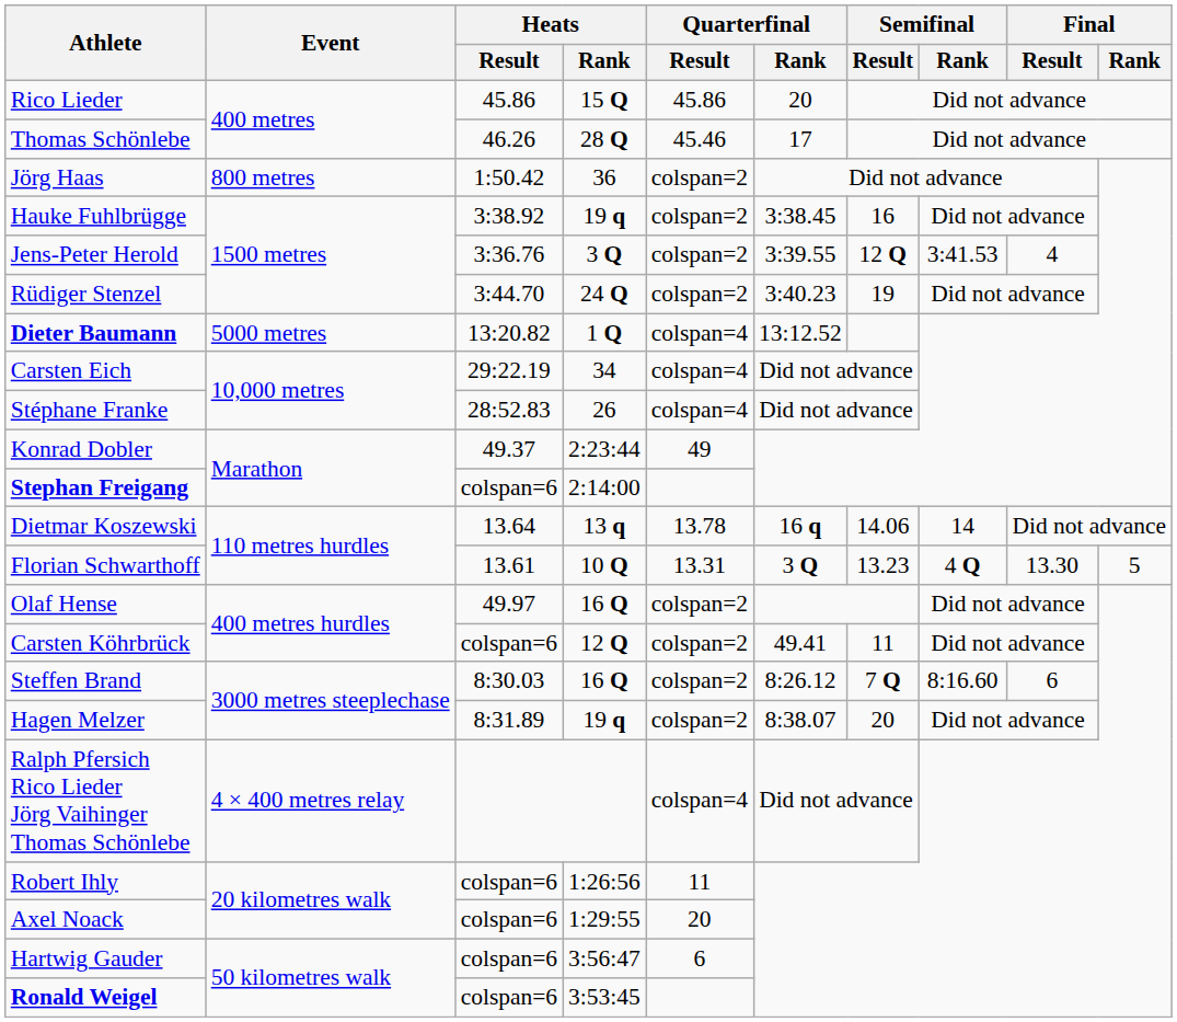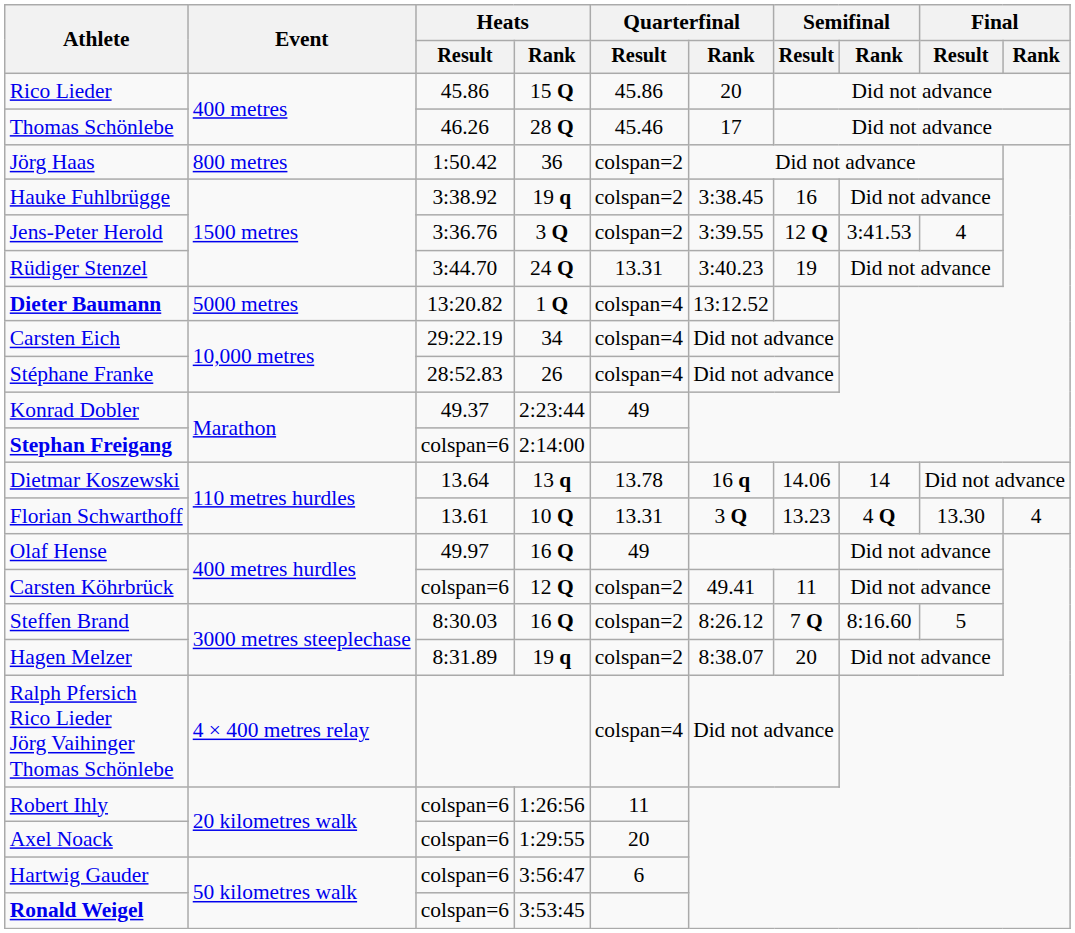 <table class="wikitable" style="font-size:90%">
 <tr>
 <th rowspan="2">Athlete</th>
 <th rowspan="2">Event</th>
 <th colspan="2">Heats</th>
 <th colspan="2">Quarterfinal</th>
 <th colspan="2">Semifinal</th>
 <th colspan="2">Final</th>
 </tr>
 <tr style="font-size:95%">
 <th>Result</th>
 <th>Rank</th>
 <th>Result</th>
 <th>Rank</th>
 <th>Result</th>
 <th>Rank</th>
 <th>Result</th>
 <th>Rank</th>
 </tr>
 <tr align=center>
 <td align=left><a href='#'>Rico Lieder</a></td>
 <td align=left rowspan=2><a href='#'>400 metres</a></td>
 <td>45.86</td>
 <td>15 <strong>Q</strong></td>
 <td>45.86</td>
 <td>20</td>
 <td colspan=4>Did not advance</td>
 </tr>
 <tr align=center>
 <td align=left><a href='#'>Thomas Schönlebe</a></td>
 <td>46.26</td>
 <td>28 <strong>Q</strong></td>
 <td>45.46</td>
 <td>17</td>
 <td colspan=4>Did not advance</td>
 </tr>
 <tr align=center>
 <td align=left><a href='#'>Jörg Haas</a></td>
 <td align=left><a href='#'>800 metres</a></td>
 <td>1:50.42</td>
 <td>36</td>
 <td>colspan=2</td>
 <td colspan=4>Did not advance</td>
 </tr>
 <tr align=center>
 <td align=left><a href='#'>Hauke Fuhlbrügge</a></td>
 <td align=left rowspan=3><a href='#'>1500 metres</a></td>
 <td>3:38.92</td>
 <td>19 <strong>q</strong></td>
 <td>colspan=2</td>
 <td>3:38.45</td>
 <td>16</td>
 <td colspan=2>Did not advance</td>
 </tr>
 <tr align=center>
 <td align=left><a href='#'>Jens-Peter Herold</a></td>
 <td>3:36.76</td>
 <td>3 <strong>Q</strong></td>
 <td>colspan=2</td>
 <td>3:39.55</td>
 <td>12 <strong>Q</strong></td>
 <td>3:41.53</td>
 <td>4</td>
 </tr>
 <tr align=center>
 <td align=left><a href='#'>Rüdiger Stenzel</a></td>
 <td>3:44.70</td>
 <td>24 <strong>Q</strong></td>
-<td>colspan=2</td>
+<td>13.31</td>
 <td>3:40.23</td>
 <td>19</td>
 <td colspan=2>Did not advance</td>
 </tr>
 <tr align=center>
 <td align=left><strong><a href='#'>Dieter Baumann</a></strong></td>
 <td align=left><a href='#'>5000 metres</a></td>
 <td>13:20.82</td>
 <td>1 <strong>Q</strong></td>
 <td>colspan=4</td>
 <td>13:12.52</td>
 <td></td>
 </tr>
 <tr align=center>
 <td align=left><a href='#'>Carsten Eich</a></td>
 <td align=left rowspan=2><a href='#'>10,000 metres</a></td>
 <td>29:22.19</td>
 <td>34</td>
 <td>colspan=4</td>
 <td colspan=2>Did not advance</td>
 </tr>
 <tr align=center>
 <td align=left><a href='#'>Stéphane Franke</a></td>
 <td>28:52.83</td>
 <td>26</td>
 <td>colspan=4</td>
 <td colspan=2>Did not advance</td>
 </tr>
 <tr align=center>
 <td align=left><a href='#'>Konrad Dobler</a></td>
 <td align=left rowspan=2><a href='#'>Marathon</a></td>
 <td>49.37</td>
 <td>2:23:44</td>
 <td>49</td>
 </tr>
 <tr align=center>
 <td align=left><strong><a href='#'>Stephan Freigang</a></strong></td>
 <td>colspan=6</td>
 <td>2:14:00</td>
 <td></td>
 </tr>
 <tr align=center>
 <td align=left><a href='#'>Dietmar Koszewski</a></td>
 <td align=left rowspan=2><a href='#'>110 metres hurdles</a></td>
 <td>13.64</td>
 <td>13 <strong>q</strong></td>
 <td>13.78</td>
 <td>16 <strong>q</strong></td>
 <td>14.06</td>
 <td>14</td>
 <td colspan=2>Did not advance</td>
 </tr>
 <tr align=center>
 <td align=left><a href='#'>Florian Schwarthoff</a></td>
 <td>13.61</td>
 <td>10 <strong>Q</strong></td>
 <td>13.31</td>
 <td>3 <strong>Q</strong></td>
 <td>13.23</td>
 <td>4 <strong>Q</strong></td>
 <td>13.30</td>
-<td>5</td>
+<td>4</td>
 </tr>
 <tr align=center>
 <td align=left><a href='#'>Olaf Hense</a></td>
 <td align=left rowspan=2><a href='#'>400 metres hurdles</a></td>
 <td>49.97</td>
 <td>16 <strong>Q</strong></td>
-<td>colspan=2</td>
+<td>49</td>
 <td colspan=2></td>
 <td colspan=2>Did not advance</td>
 </tr>
 <tr align=center>
 <td align=left><a href='#'>Carsten Köhrbrück</a></td>
 <td>colspan=6</td>
 <td>12 <strong>Q</strong></td>
 <td>colspan=2</td>
 <td>49.41</td>
 <td>11</td>
 <td colspan=2>Did not advance</td>
 </tr>
 <tr align=center>
 <td align=left><a href='#'>Steffen Brand</a></td>
 <td align=left rowspan=2><a href='#'>3000 metres steeplechase</a></td>
 <td>8:30.03</td>
 <td>16 <strong>Q</strong></td>
 <td>colspan=2</td>
 <td>8:26.12</td>
 <td>7 <strong>Q</strong></td>
 <td>8:16.60</td>
-<td>6</td>
+<td>5</td>
 </tr>
 <tr align=center>
 <td align=left><a href='#'>Hagen Melzer</a></td>
 <td>8:31.89</td>
 <td>19 <strong>q</strong></td>
 <td>colspan=2</td>
 <td>8:38.07</td>
 <td>20</td>
 <td colspan=2>Did not advance</td>
 </tr>
 <tr align=center>
 <td align=left><a href='#'>Ralph Pfersich</a><br><a href='#'>Rico Lieder</a><br><a href='#'>Jörg Vaihinger</a><br><a href='#'>Thomas Schönlebe</a></td>
 <td align=left><a href='#'>4 × 400 metres relay</a></td>
 <td colspan=2></td>
 <td>colspan=4</td>
 <td colspan=2>Did not advance</td>
 </tr>
 <tr align=center>
 <td align=left><a href='#'>Robert Ihly</a></td>
 <td align=left rowspan=2><a href='#'>20 kilometres walk</a></td>
 <td>colspan=6</td>
 <td>1:26:56</td>
 <td>11</td>
 </tr>
 <tr align=center>
 <td align=left><a href='#'>Axel Noack</a></td>
 <td>colspan=6</td>
 <td>1:29:55</td>
 <td>20</td>
 </tr>
 <tr align=center>
 <td align=left><a href='#'>Hartwig Gauder</a></td>
 <td align=left rowspan=2><a href='#'>50 kilometres walk</a></td>
 <td>colspan=6</td>
 <td>3:56:47</td>
 <td>6</td>
 </tr>
 <tr align=center>
 <td align=left><strong><a href='#'>Ronald Weigel</a></strong></td>
 <td>colspan=6</td>
 <td>3:53:45</td>
 <td></td>
 </tr>
 </table>
